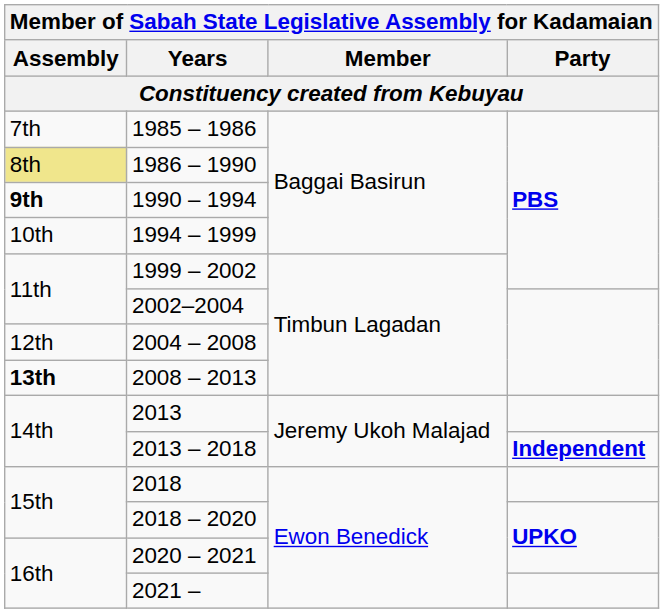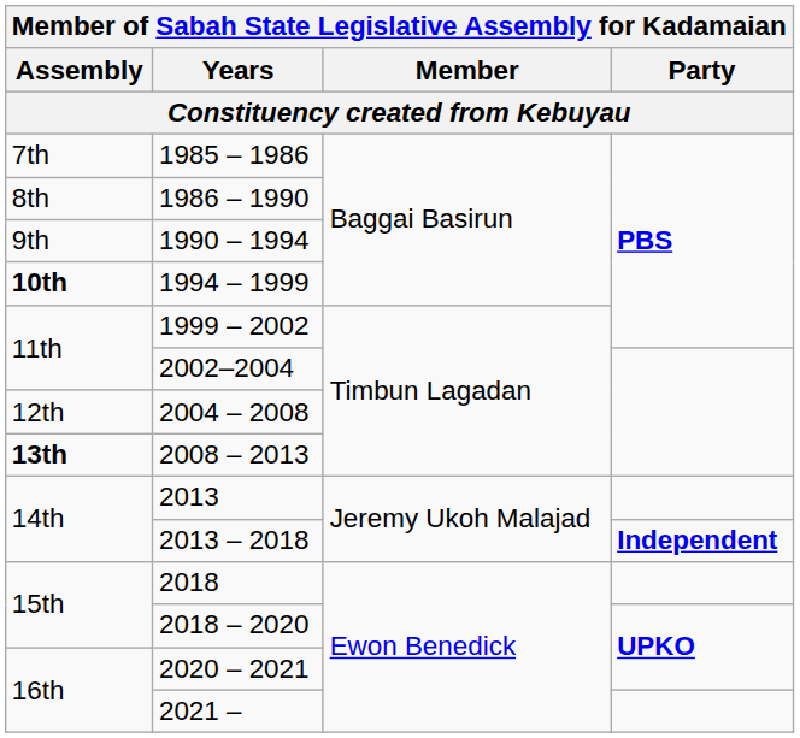 <table class="wikitable">
 <tr>
 <th colspan="4">Member of <a href='#'>Sabah State Legislative Assembly</a> for Kadamaian</th>
 </tr>
 <tr>
 <th>Assembly</th>
 <th>Years</th>
 <th>Member</th>
 <th>Party</th>
 </tr>
 <tr>
 <th colspan="4" align="center"><em>Constituency created from Kebuyau</em></th>
 </tr>
 <tr>
 <td>7th</td>
 <td>1985 – 1986</td>
 <td rowspan="4">Baggai Basirun</td>
 <td rowspan="5"><strong><a href='#'>PBS</a></strong></td>
 </tr>
 <tr>
-<td style="background: khaki;">8th</td>
+<td>8th</td>
 <td>1986 – 1990</td>
 </tr>
 <tr>
-<td><strong>9th</strong></td>
+<td>9th</td>
 <td>1990 – 1994</td>
 </tr>
 <tr>
-<td>10th</td>
+<td><strong>10th</strong></td>
 <td>1994 – 1999</td>
 </tr>
 <tr>
 <td rowspan=2>11th</td>
 <td>1999 – 2002</td>
 <td rowspan="4">Timbun Lagadan</td>
 </tr>
 <tr>
 <td>2002–2004</td>
 <td rowspan="3"></td>
 </tr>
 <tr>
 <td>12th</td>
 <td>2004 – 2008</td>
 </tr>
 <tr>
 <td><strong>13th</strong></td>
 <td>2008 – 2013</td>
 </tr>
 <tr>
 <td rowspan="2">14th</td>
 <td>2013</td>
 <td rowspan="2">Jeremy Ukoh Malajad</td>
 <td></td>
 </tr>
 <tr>
 <td>2013 – 2018</td>
 <td><strong><a href='#'>Independent</a></strong></td>
 </tr>
 <tr>
 <td rowspan="2">15th</td>
 <td>2018</td>
 <td rowspan="4"><a href='#'>Ewon Benedick</a></td>
 <td></td>
 </tr>
 <tr>
 <td>2018 – 2020</td>
 <td rowspan="2"><strong><a href='#'>UPKO</a></strong></td>
 </tr>
 <tr>
 <td rowspan="2">16th</td>
 <td>2020 – 2021</td>
 </tr>
 <tr>
 <td>2021 –</td>
 <td></td>
 </tr>
 </table>
